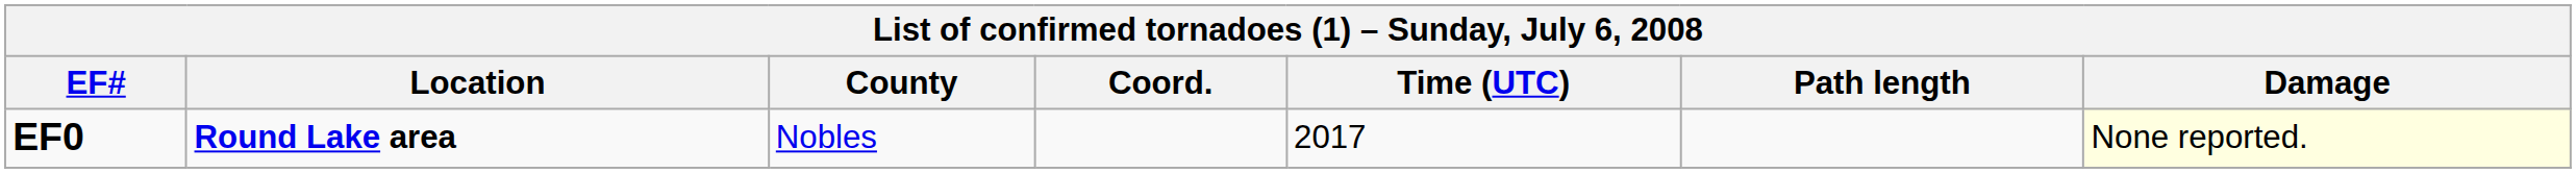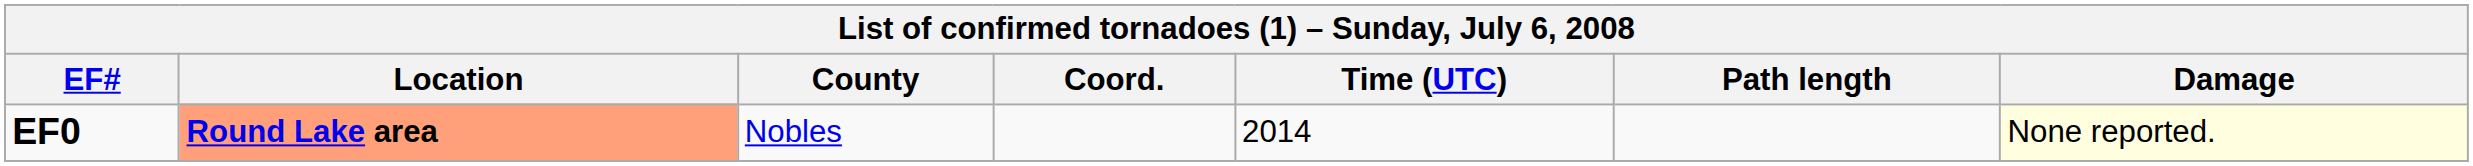 <table class="wikitable collapsible" width="100%">
 <tr>
 <th colspan="7">List of confirmed tornadoes (1) – Sunday, July 6, 2008</th>
 </tr>
 <tr>
 <th><a href='#'>EF#</a></th>
 <th>Location</th>
 <th>County</th>
 <th>Coord.</th>
 <th>Time (<a href='#'>UTC</a>)</th>
 <th>Path length</th>
 <th>Damage</th>
 </tr>
 <tr>
 <td><big><strong>EF0</strong></big></td>
-<td><strong><a href='#'>Round Lake</a> area</strong></td>
+<td style="background: lightsalmon;"><strong><a href='#'>Round Lake</a> area</strong></td>
 <td><a href='#'>Nobles</a></td>
 <td></td>
-<td>2017</td>
+<td>2014</td>
 <td></td>
 <td style="background: lightyellow;">None reported.</td>
 </tr>
 </table>
